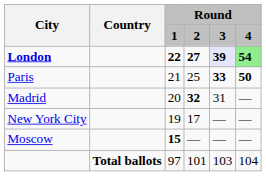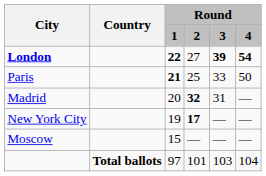 <table class=wikitable>
 <tr>
 <th rowspan=2>City</th>
 <th rowspan=2>Country</th>
 <th colspan=4 style="background:silver;">Round</th>
 </tr>
 <tr>
 <th style="background:silver;">1</th>
 <th style="background:silver;">2</th>
 <th style="background:silver;">3</th>
 <th style="background:silver;">4</th>
 </tr>
 <tr>
 <td><strong><a href='#'>London</a></strong></td>
 <td><strong></strong></td>
 <td><strong>22</strong></td>
-<td><strong>27</strong></td>
-<td style="background: lavender;"><strong>39</strong></td>
-<td style="background: lightgreen;"><strong>54</strong></td>
+<td>27</td>
+<td><strong>39</strong></td>
+<td><strong>54</strong></td>
 </tr>
 <tr>
 <td><a href='#'>Paris</a></td>
 <td></td>
-<td>21</td>
+<td><strong>21</strong></td>
 <td>25</td>
-<td><strong>33</strong></td>
-<td><strong>50</strong></td>
+<td>33</td>
+<td>50</td>
 </tr>
 <tr>
 <td><a href='#'>Madrid</a></td>
 <td></td>
 <td>20</td>
 <td><strong>32</strong></td>
 <td>31</td>
 <td>—</td>
 </tr>
 <tr>
 <td><a href='#'>New York City</a></td>
 <td></td>
 <td>19</td>
-<td>17</td>
+<td><strong>17</strong></td>
 <td>—</td>
 <td>—</td>
 </tr>
 <tr>
 <td><a href='#'>Moscow</a></td>
 <td></td>
-<td><strong>15</strong></td>
+<td>15</td>
 <td>—</td>
 <td>—</td>
 <td>—</td>
 </tr>
 <tr>
 <td></td>
 <td><strong>Total ballots</strong></td>
 <td>97</td>
 <td>101</td>
 <td>103</td>
 <td>104</td>
 </tr>
 </table>
